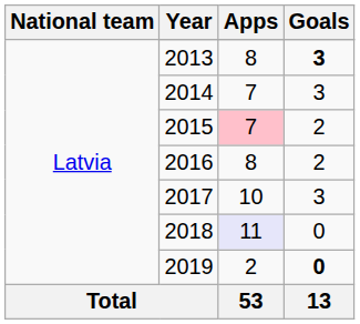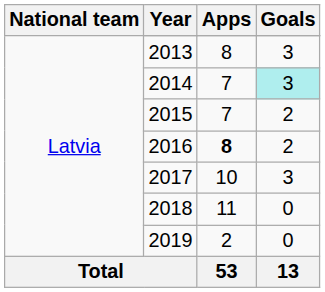 <table class="wikitable" style="text-align:center">
 <tr>
 <th>National team</th>
 <th>Year</th>
 <th>Apps</th>
 <th>Goals</th>
 </tr>
 <tr>
 <td rowspan=8><a href='#'>Latvia</a></td>
 </tr>
 <tr>
 <td>2013</td>
 <td>8</td>
-<td><strong>3</strong></td>
+<td>3</td>
 </tr>
 <tr>
 <td>2014</td>
 <td>7</td>
-<td>3</td>
+<td style="background: paleturquoise;">3</td>
 </tr>
 <tr>
 <td>2015</td>
-<td style="background: pink;">7</td>
+<td>7</td>
 <td>2</td>
 </tr>
 <tr>
 <td>2016</td>
-<td>8</td>
+<td><strong>8</strong></td>
 <td>2</td>
 </tr>
 <tr>
 <td>2017</td>
 <td>10</td>
 <td>3</td>
 </tr>
 <tr>
 <td>2018</td>
-<td style="background: lavender;">11</td>
+<td>11</td>
 <td>0</td>
 </tr>
 <tr>
 <td>2019</td>
 <td>2</td>
-<td><strong>0</strong></td>
+<td>0</td>
 </tr>
 <tr>
 <th colspan="2">Total</th>
 <th>53</th>
 <th>13</th>
 </tr>
 </table>
